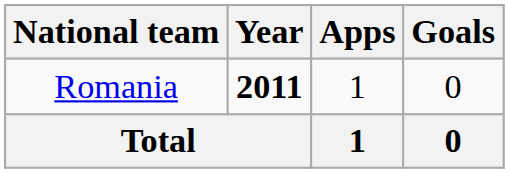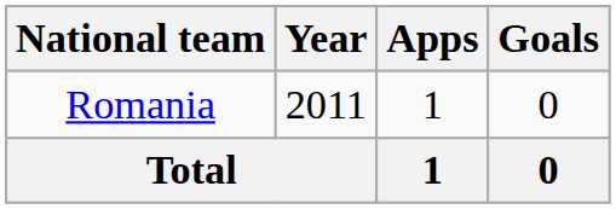 <table class="wikitable" style="text-align: center;">
 <tr>
 <th>National team</th>
 <th>Year</th>
 <th>Apps</th>
 <th>Goals</th>
 </tr>
 <tr>
 <td rowspan="1"><a href='#'>Romania</a></td>
-<td><strong>2011</strong></td>
+<td>2011</td>
 <td>1</td>
 <td>0</td>
 </tr>
 <tr>
 <th colspan=2>Total</th>
 <th>1</th>
 <th>0</th>
 </tr>
 </table>
